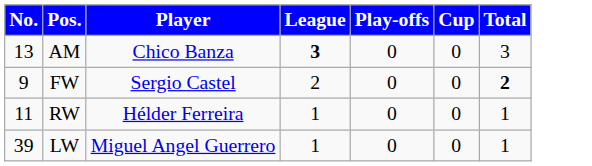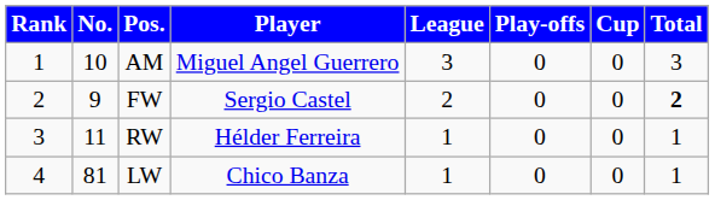 <table class="wikitable sortable alternance" style="text-align:center">
 <tr>
+<th style="background:#0000FF; color:#FFFFFF; ">Rank</th>
 <th style="background:#0000FF; color:#FFFFFF; ">No.</th>
 <th style="background:#0000FF; color:#FFFFFF; ">Pos.</th>
 <th style="background:#0000FF; color:#FFFFFF; ">Player</th>
 <th style="background:#0000FF; color:#FFFFFF; ">League</th>
 <th style="background:#0000FF; color:#FFFFFF; ">Play-offs</th>
 <th style="background:#0000FF; color:#FFFFFF; ">Cup</th>
 <th style="background:#0000FF; color:#FFFFFF; ">Total</th>
 </tr>
 <tr>
-<td>13</td>
+<td>1</td>
+<td>10</td>
 <td>AM</td>
-<td><a href='#'>Chico Banza</a></td>
-<td><strong>3</strong></td>
+<td><a href='#'>Miguel Angel Guerrero</a></td>
+<td>3</td>
 <td>0</td>
 <td>0</td>
 <td>3</td>
 </tr>
 <tr>
+<td>2</td>
 <td>9</td>
 <td>FW</td>
 <td><a href='#'>Sergio Castel</a></td>
 <td>2</td>
 <td>0</td>
 <td>0</td>
 <td><strong>2</strong></td>
 </tr>
 <tr>
+<td>3</td>
 <td>11</td>
 <td>RW</td>
 <td><a href='#'>Hélder Ferreira</a></td>
 <td>1</td>
 <td>0</td>
 <td>0</td>
 <td>1</td>
 </tr>
 <tr>
-<td>39</td>
+<td>4</td>
+<td>81</td>
 <td>LW</td>
-<td><a href='#'>Miguel Angel Guerrero</a></td>
+<td><a href='#'>Chico Banza</a></td>
 <td>1</td>
 <td>0</td>
 <td>0</td>
 <td>1</td>
 </tr>
 </table>
